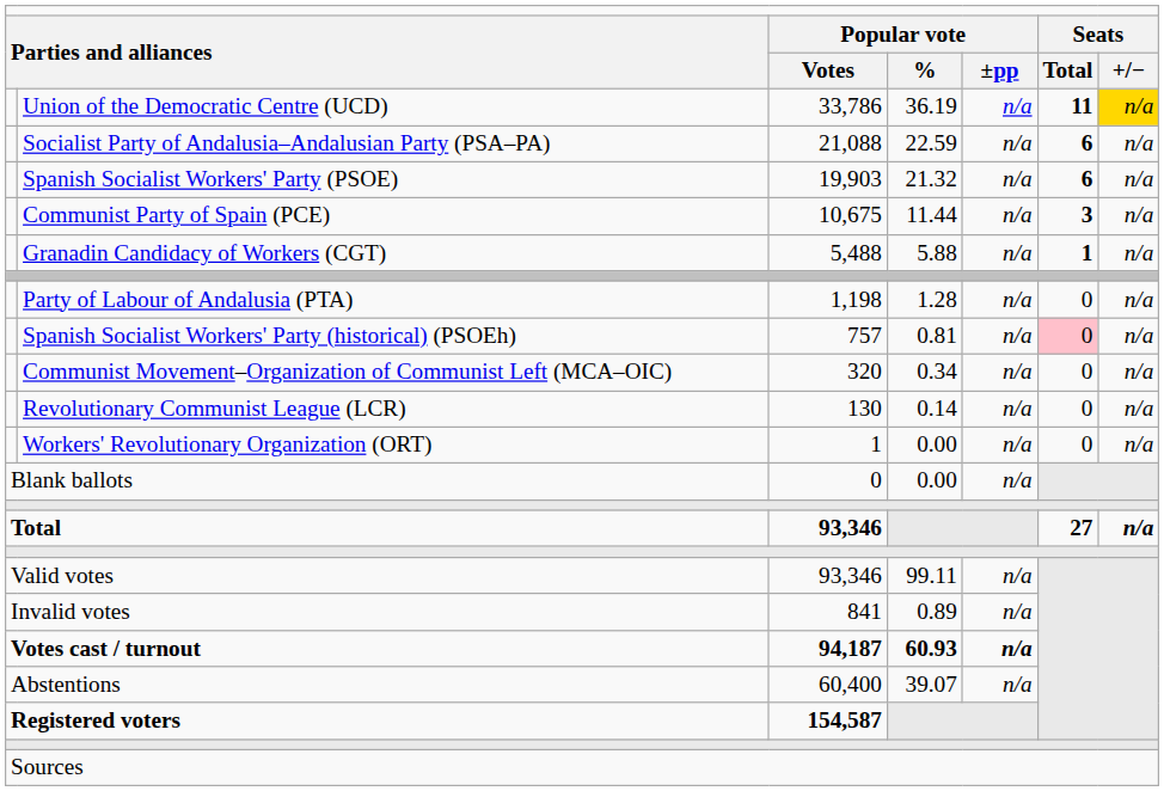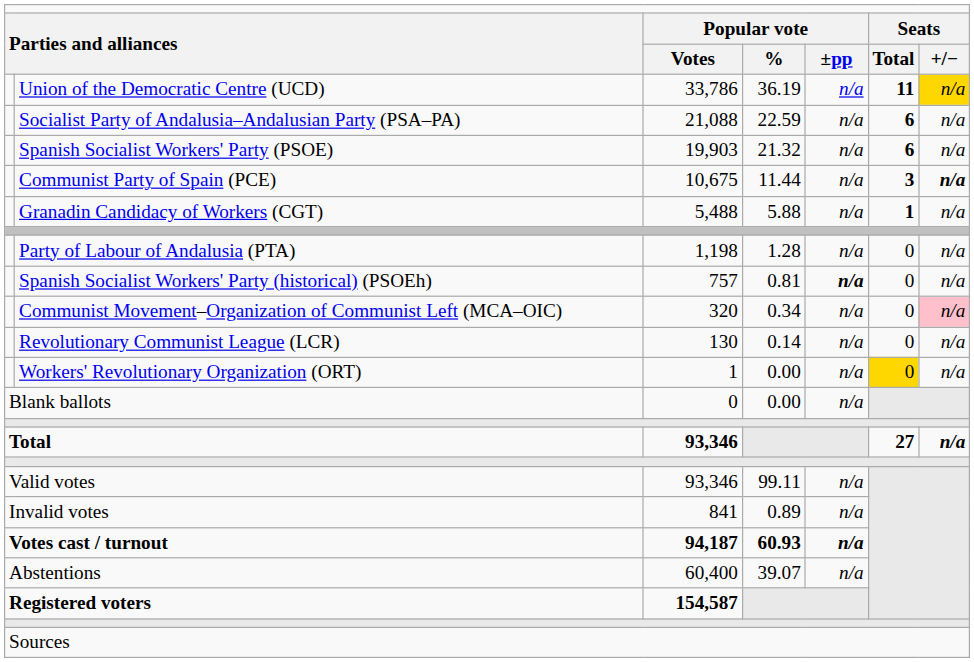 <table class="wikitable" style="text-align:right;">
 <tr>
 <td colspan="7"></td>
 </tr>
 <tr>
 <th style="text-align:left;" rowspan="2" colspan="2" width="525">Parties and alliances</th>
 <th colspan="3">Popular vote</th>
 <th colspan="2">Seats</th>
 </tr>
 <tr>
 <th width="75">Votes</th>
 <th width="45">%</th>
 <th width="45">±<a href='#'>pp</a></th>
 <th width="35">Total</th>
 <th width="35">+/−</th>
 </tr>
 <tr>
 <td width="1" style="color:inherit;background:"></td>
 <td align="left"><a href='#'>Union of the Democratic Centre</a> (UCD)</td>
 <td>33,786</td>
 <td>36.19</td>
 <td><em><a href='#'>n/a</a></em></td>
 <td><strong>11</strong></td>
 <td style="background: gold;"><em>n/a</em></td>
 </tr>
 <tr>
 <td style="color:inherit;background:"></td>
 <td align="left"><a href='#'>Socialist Party of Andalusia–Andalusian Party</a> (PSA–PA)</td>
 <td>21,088</td>
 <td>22.59</td>
 <td><em>n/a</em></td>
 <td><strong>6</strong></td>
 <td><em>n/a</em></td>
 </tr>
 <tr>
 <td style="color:inherit;background:"></td>
 <td align="left"><a href='#'>Spanish Socialist Workers' Party</a> (PSOE)</td>
 <td>19,903</td>
 <td>21.32</td>
 <td><em>n/a</em></td>
 <td><strong>6</strong></td>
 <td><em>n/a</em></td>
 </tr>
 <tr>
 <td style="color:inherit;background:"></td>
 <td align="left"><a href='#'>Communist Party of Spain</a> (PCE)</td>
 <td>10,675</td>
 <td>11.44</td>
 <td><em>n/a</em></td>
 <td><strong>3</strong></td>
-<td><em>n/a</em></td>
+<td><strong><em>n/a</em></strong></td>
 </tr>
 <tr>
 <td style="color:inherit;background:"></td>
 <td align="left"><a href='#'>Granadin Candidacy of Workers</a> (CGT)</td>
 <td>5,488</td>
 <td>5.88</td>
 <td><em>n/a</em></td>
 <td><strong>1</strong></td>
 <td><em>n/a</em></td>
 </tr>
 <tr>
 <td colspan="7" bgcolor="#C0C0C0"></td>
 </tr>
 <tr>
 <td style="color:inherit;background:"></td>
 <td align="left"><a href='#'>Party of Labour of Andalusia</a> (PTA)</td>
 <td>1,198</td>
 <td>1.28</td>
 <td><em>n/a</em></td>
 <td>0</td>
 <td><em>n/a</em></td>
 </tr>
 <tr>
 <td style="color:inherit;background:"></td>
 <td align="left"><a href='#'>Spanish Socialist Workers' Party (historical)</a> (PSOEh)</td>
 <td>757</td>
 <td>0.81</td>
-<td><em>n/a</em></td>
-<td style="background: pink;">0</td>
+<td><strong><em>n/a</em></strong></td>
+<td>0</td>
 <td><em>n/a</em></td>
 </tr>
 <tr>
 <td style="color:inherit;background:"></td>
 <td align="left"><a href='#'>Communist Movement</a>–<a href='#'>Organization of Communist Left</a> (MCA–OIC)</td>
 <td>320</td>
 <td>0.34</td>
 <td><em>n/a</em></td>
 <td>0</td>
-<td><em>n/a</em></td>
+<td style="background: pink;"><em>n/a</em></td>
 </tr>
 <tr>
 <td style="color:inherit;background:"></td>
 <td align="left"><a href='#'>Revolutionary Communist League</a> (LCR)</td>
 <td>130</td>
 <td>0.14</td>
 <td><em>n/a</em></td>
 <td>0</td>
 <td><em>n/a</em></td>
 </tr>
 <tr>
 <td style="color:inherit;background:"></td>
 <td align="left"><a href='#'>Workers' Revolutionary Organization</a> (ORT)</td>
 <td>1</td>
 <td>0.00</td>
 <td><em>n/a</em></td>
-<td>0</td>
+<td style="background: gold;">0</td>
 <td><em>n/a</em></td>
 </tr>
 <tr>
 <td align="left" colspan="2">Blank ballots</td>
 <td>0</td>
 <td>0.00</td>
 <td><em>n/a</em></td>
 <td bgcolor="#E9E9E9" colspan="2"></td>
 </tr>
 <tr>
 <td colspan="7" bgcolor="#E9E9E9"></td>
 </tr>
 <tr style="font-weight:bold;">
 <td align="left" colspan="2">Total</td>
 <td>93,346</td>
 <td bgcolor="#E9E9E9" colspan="2"></td>
 <td>27</td>
 <td><em>n/a</em></td>
 </tr>
 <tr>
 <td colspan="7" bgcolor="#E9E9E9"></td>
 </tr>
 <tr>
 <td align="left" colspan="2">Valid votes</td>
 <td>93,346</td>
 <td>99.11</td>
 <td><em>n/a</em></td>
 <td bgcolor="#E9E9E9" colspan="2" rowspan="5"></td>
 </tr>
 <tr>
 <td align="left" colspan="2">Invalid votes</td>
 <td>841</td>
 <td>0.89</td>
 <td><em>n/a</em></td>
 </tr>
 <tr style="font-weight:bold;">
 <td align="left" colspan="2">Votes cast / turnout</td>
 <td>94,187</td>
 <td>60.93</td>
 <td><em>n/a</em></td>
 </tr>
 <tr>
 <td align="left" colspan="2">Abstentions</td>
 <td>60,400</td>
 <td>39.07</td>
 <td><em>n/a</em></td>
 </tr>
 <tr style="font-weight:bold;">
 <td align="left" colspan="2">Registered voters</td>
 <td>154,587</td>
 <td bgcolor="#E9E9E9" colspan="2"></td>
 </tr>
 <tr>
 <td colspan="7" bgcolor="#E9E9E9"></td>
 </tr>
 <tr>
 <td align="left" colspan="7">Sources</td>
 </tr>
 </table>
